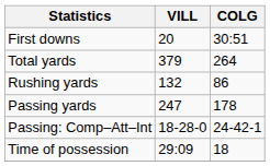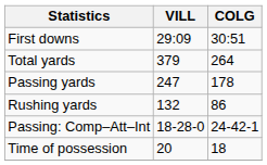 <table class="wikitable" style="float: left;">
 <tr>
 <th>Statistics</th>
 <th>VILL</th>
 <th>COLG</th>
 </tr>
 <tr>
 <td>First downs</td>
-<td>20</td>
+<td>29:09</td>
 <td>30:51</td>
 </tr>
 <tr>
 <td>Total yards</td>
 <td>379</td>
 <td>264</td>
 </tr>
 <tr>
+<td>Passing yards</td>
+<td>247</td>
+<td>178</td>
+</tr>
+<tr>
 <td>Rushing yards</td>
 <td>132</td>
 <td>86</td>
-</tr>
-<tr>
-<td>Passing yards</td>
-<td>247</td>
-<td>178</td>
 </tr>
 <tr>
 <td>Passing: Comp–Att–Int</td>
 <td>18-28-0</td>
 <td>24-42-1</td>
 </tr>
 <tr>
 <td>Time of possession</td>
-<td>29:09</td>
+<td>20</td>
 <td>18</td>
 </tr>
 <tr>
 </tr>
 </table>
